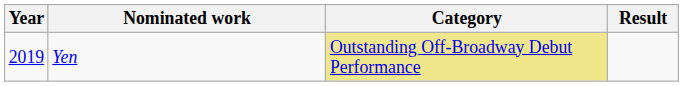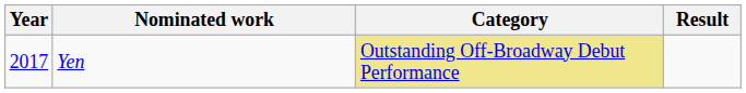 <table class="wikitable">
 <tr>
 <th scope="col" style="width:1em;">Year</th>
 <th scope="col" style="width:35em;">Nominated work</th>
 <th scope="col" style="width:35em;">Category</th>
 <th scope="col" style="width:5em;">Result</th>
 </tr>
 <tr>
-<td><a href='#'>2019</a></td>
+<td><a href='#'>2017</a></td>
 <td><em><a href='#'>Yen</a></em></td>
 <td style="background: khaki;"><a href='#'>Outstanding Off-Broadway Debut Performance</a></td>
 <td></td>
 </tr>
 </table>
